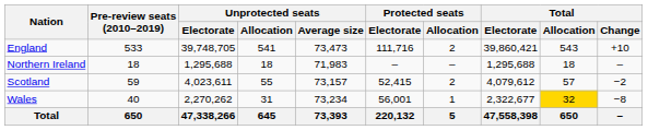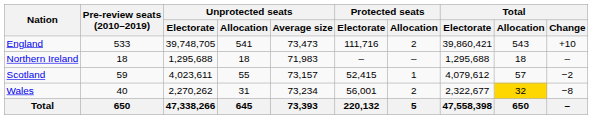 <table class="wikitable sortable">
 <tr>
 <th rowspan="2">Nation</th>
 <th rowspan="2">Pre-review seats<br>(2010–2019)</th>
 <th colspan="3">Unprotected seats</th>
 <th colspan="2">Protected seats</th>
 <th colspan="3">Total</th>
 </tr>
 <tr>
 <th>Electorate</th>
 <th>Allocation</th>
 <th>Average size</th>
 <th>Electorate</th>
 <th>Allocation</th>
 <th>Electorate</th>
 <th>Allocation</th>
 <th>Change</th>
 </tr>
 <tr>
 <td><a href='#'>England</a></td>
 <td style="text-align:center">533</td>
 <td style="text-align:center">39,748,705</td>
 <td style="text-align:center">541</td>
 <td style="text-align:center">73,473</td>
 <td style="text-align:center">111,716</td>
 <td style="text-align:center">2</td>
 <td style="text-align:center">39,860,421</td>
 <td style="text-align:center">543</td>
 <td style="text-align:center">+10</td>
 </tr>
 <tr>
 <td><a href='#'>Northern Ireland</a></td>
 <td style="text-align:center">18</td>
 <td style="text-align:center">1,295,688</td>
 <td style="text-align:center">18</td>
 <td style="text-align:center">71,983</td>
 <td style="text-align:center">–</td>
 <td style="text-align:center">–</td>
 <td style="text-align:center">1,295,688</td>
 <td style="text-align:center">18</td>
 <td style="text-align:center">–</td>
 </tr>
 <tr>
 <td><a href='#'>Scotland</a></td>
 <td style="text-align:center">59</td>
 <td style="text-align:center">4,023,611</td>
 <td style="text-align:center">55</td>
 <td style="text-align:center">73,157</td>
 <td style="text-align:center">52,415</td>
-<td style="text-align:center">2</td>
+<td style="text-align:center">1</td>
 <td style="text-align:center">4,079,612</td>
 <td style="text-align:center">57</td>
 <td style="text-align:center">−2</td>
 </tr>
 <tr>
 <td><a href='#'>Wales</a></td>
 <td style="text-align:center">40</td>
 <td style="text-align:center">2,270,262</td>
 <td style="text-align:center">31</td>
 <td style="text-align:center">73,234</td>
 <td style="text-align:center">56,001</td>
-<td style="text-align:center">1</td>
+<td style="text-align:center">2</td>
 <td style="text-align:center">2,322,677</td>
 <td style="background: gold; text-align:center">32</td>
 <td style="text-align:center">−8</td>
 </tr>
 <tr>
 <th>Total</th>
 <th>650</th>
 <th>47,338,266</th>
 <th>645</th>
 <th>73,393</th>
 <th>220,132</th>
 <th>5</th>
 <th>47,558,398</th>
 <th>650</th>
 <th>–</th>
 </tr>
 </table>
